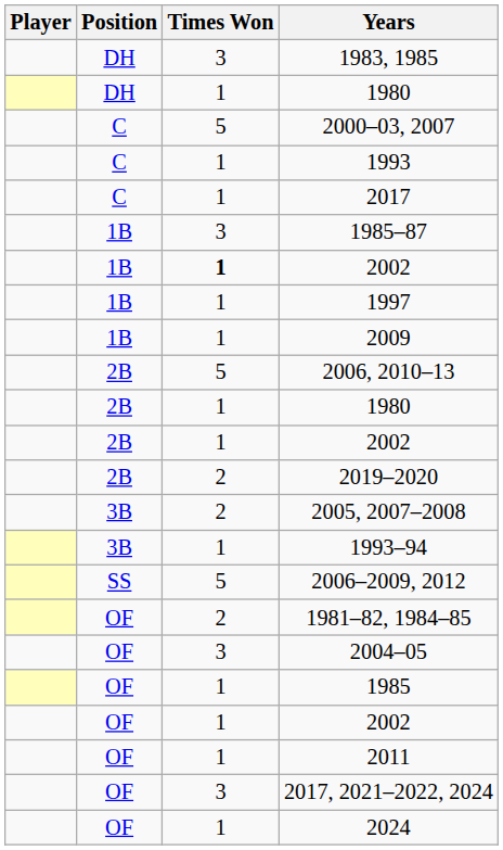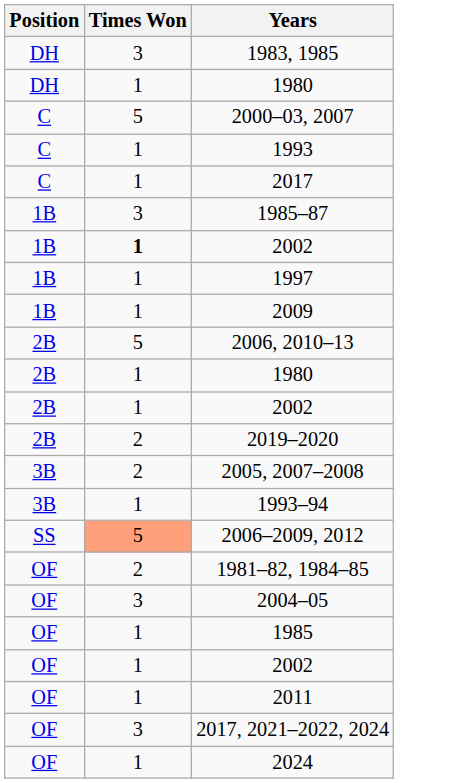 <table class="wikitable sortable" style="text-align:center;">
 <tr>
-<th scope="col">Player</th>
 <th scope="col">Position</th>
 <th scope="col">Times Won</th>
 <th scope="col">Years</th>
 </tr>
 <tr>
-<td scope="row"></td>
 <td><a href='#'>DH</a></td>
 <td style="text-align:center;">3</td>
 <td>1983, 1985</td>
 </tr>
 <tr>
-<td scope="row" bgcolor="#FFFFBB"></td>
 <td><a href='#'>DH</a></td>
 <td style="text-align:center;">1</td>
 <td>1980</td>
 </tr>
 <tr>
-<td scope="row"></td>
 <td><a href='#'>C</a></td>
 <td style="text-align:center;">5</td>
 <td>2000–03, 2007</td>
 </tr>
 <tr>
-<td scope="row"></td>
 <td><a href='#'>C</a></td>
 <td style="text-align:center;">1</td>
 <td>1993</td>
 </tr>
 <tr>
-<td scope="row"></td>
 <td><a href='#'>C</a></td>
 <td style="text-align:center;">1</td>
 <td>2017</td>
 </tr>
 <tr>
-<td scope="row"></td>
 <td><a href='#'>1B</a></td>
 <td style="text-align:center;">3</td>
 <td>1985–87</td>
 </tr>
 <tr>
-<td scope="row"></td>
 <td><a href='#'>1B</a></td>
 <td style="text-align:center;"><strong>1</strong></td>
 <td>2002</td>
 </tr>
 <tr>
-<td scope="row"></td>
 <td><a href='#'>1B</a></td>
 <td style="text-align:center;">1</td>
 <td>1997</td>
 </tr>
 <tr>
-<td scope="row"></td>
 <td><a href='#'>1B</a></td>
 <td style="text-align:center;">1</td>
 <td>2009</td>
 </tr>
 <tr>
-<td scope="row"></td>
 <td><a href='#'>2B</a></td>
 <td style="text-align:center;">5</td>
 <td>2006, 2010–13</td>
 </tr>
 <tr>
-<td scope="row"></td>
 <td><a href='#'>2B</a></td>
 <td style="text-align:center;">1</td>
 <td>1980</td>
 </tr>
 <tr>
-<td scope="row"></td>
 <td><a href='#'>2B</a></td>
 <td style="text-align:center;">1</td>
 <td>2002</td>
 </tr>
 <tr>
-<td scope="row"></td>
 <td><a href='#'>2B</a></td>
 <td style="text-align:center;">2</td>
 <td>2019–2020</td>
 </tr>
 <tr>
-<td scope="row"></td>
 <td><a href='#'>3B</a></td>
 <td style="text-align:center;">2</td>
 <td>2005, 2007–2008</td>
 </tr>
 <tr>
-<td scope="row" bgcolor="#FFFFBB"></td>
 <td><a href='#'>3B</a></td>
 <td style="text-align:center;">1</td>
 <td>1993–94</td>
 </tr>
 <tr>
-<td scope="row" bgcolor="#FFFFBB"></td>
 <td><a href='#'>SS</a></td>
-<td style="text-align:center;">5</td>
+<td style="background: lightsalmon; text-align:center;">5</td>
 <td>2006–2009, 2012</td>
 </tr>
 <tr>
-<td scope="row" bgcolor="#FFFFBB"></td>
 <td><a href='#'>OF</a></td>
 <td style="text-align:center;">2</td>
 <td>1981–82, 1984–85</td>
 </tr>
 <tr>
-<td scope="row"></td>
 <td><a href='#'>OF</a></td>
 <td style="text-align:center;">3</td>
 <td>2004–05</td>
 </tr>
 <tr>
-<td scope="row" bgcolor="#FFFFBB"></td>
 <td><a href='#'>OF</a></td>
 <td style="text-align:center;">1</td>
 <td>1985</td>
 </tr>
 <tr>
-<td scope="row"></td>
 <td><a href='#'>OF</a></td>
 <td style="text-align:center;">1</td>
 <td>2002</td>
 </tr>
 <tr>
-<td scope="row"></td>
 <td><a href='#'>OF</a></td>
 <td style="text-align:center;">1</td>
 <td>2011</td>
 </tr>
 <tr>
-<td scope="row"></td>
 <td><a href='#'>OF</a></td>
 <td style="text-align:center;">3</td>
 <td>2017, 2021–2022, 2024</td>
 </tr>
 <tr>
-<td scope="row"></td>
 <td><a href='#'>OF</a></td>
 <td style="text-align:center;">1</td>
 <td>2024</td>
 </tr>
 </table>
